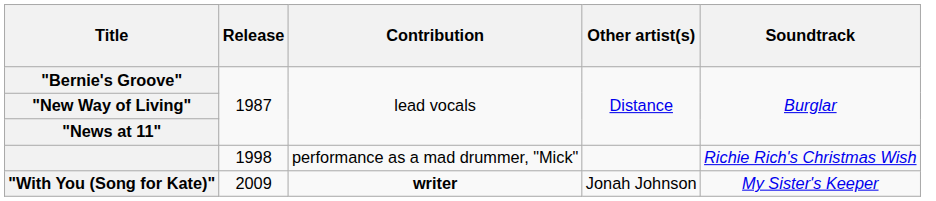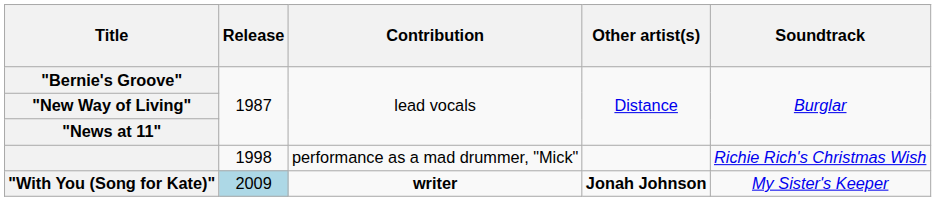 <table class="wikitable plainrowheaders" style="text-align:center;">
 <tr>
 <th scope="col"><br>Title<br><br></th>
 <th scope="col">Release</th>
 <th scope="col">Contribution</th>
 <th scope="col">Other artist(s)</th>
 <th scope="col">Soundtrack</th>
 </tr>
 <tr>
 <th scope="row">"Bernie's Groove"</th>
 <td rowspan="3">1987</td>
 <td rowspan="3">lead vocals</td>
 <td rowspan="3"><a href='#'>Distance</a></td>
 <td rowspan="3"><em><a href='#'>Burglar</a></em></td>
 </tr>
 <tr>
 <th scope="row">"New Way of Living"</th>
 </tr>
 <tr>
 <th scope="row">"News at 11"</th>
 </tr>
 <tr>
 <th scope="row"></th>
 <td>1998</td>
 <td>performance as a mad drummer, "Mick"</td>
 <td></td>
 <td><em><a href='#'>Richie Rich's Christmas Wish</a></em></td>
 </tr>
 <tr>
 <th scope="row">"With You (Song for Kate)"</th>
-<td>2009</td>
+<td style="background: lightblue;">2009</td>
 <td><strong>writer</strong></td>
-<td>Jonah Johnson</td>
+<td><strong>Jonah Johnson</strong></td>
 <td><em><a href='#'>My Sister's Keeper</a></em></td>
 </tr>
 </table>
